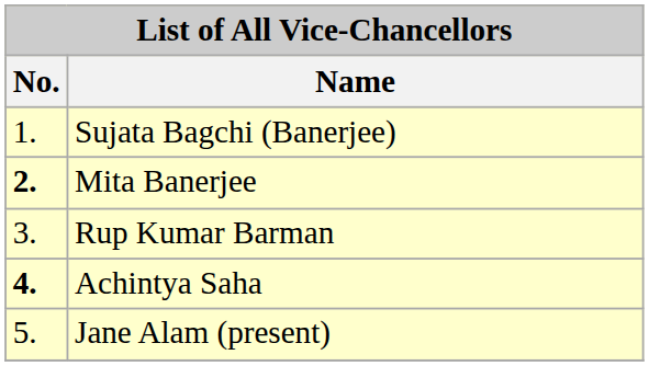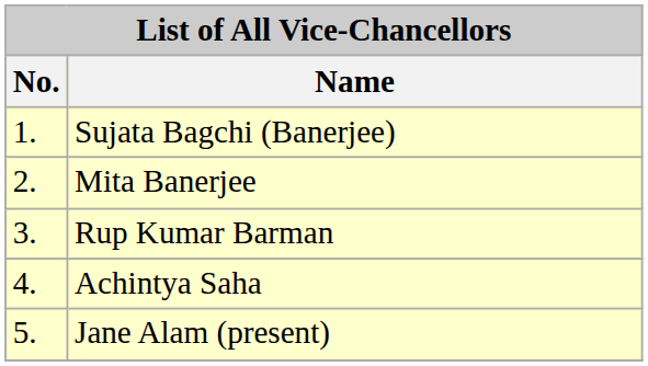 <table class="wikitable mw-collapsible mw-collapsed" style="margin-left:1em; font-size:100%; background:#ffc; color:black; width:20em; max-width:30%;"  cellspacing="0" cellpadding="0">
 <tr>
 <th style="background:#ccc;" colspan="5">List of All Vice-Chancellors</th>
 </tr>
 <tr>
 <th scope="col" style="width: 5%;">No.</th>
 <th scope="col" style="width: 95%;">Name</th>
 </tr>
 <tr>
 <td>1.</td>
 <td>Sujata Bagchi (Banerjee)</td>
 </tr>
 <tr>
-<td><strong>2.</strong></td>
+<td>2.</td>
 <td>Mita Banerjee</td>
 </tr>
 <tr>
 <td>3.</td>
 <td>Rup Kumar Barman</td>
 </tr>
 <tr>
-<td><strong>4.</strong></td>
+<td>4.</td>
 <td>Achintya Saha</td>
 </tr>
 <tr>
 <td>5.</td>
 <td>Jane Alam (present)</td>
 </tr>
 <tr>
 </tr>
 </table>
